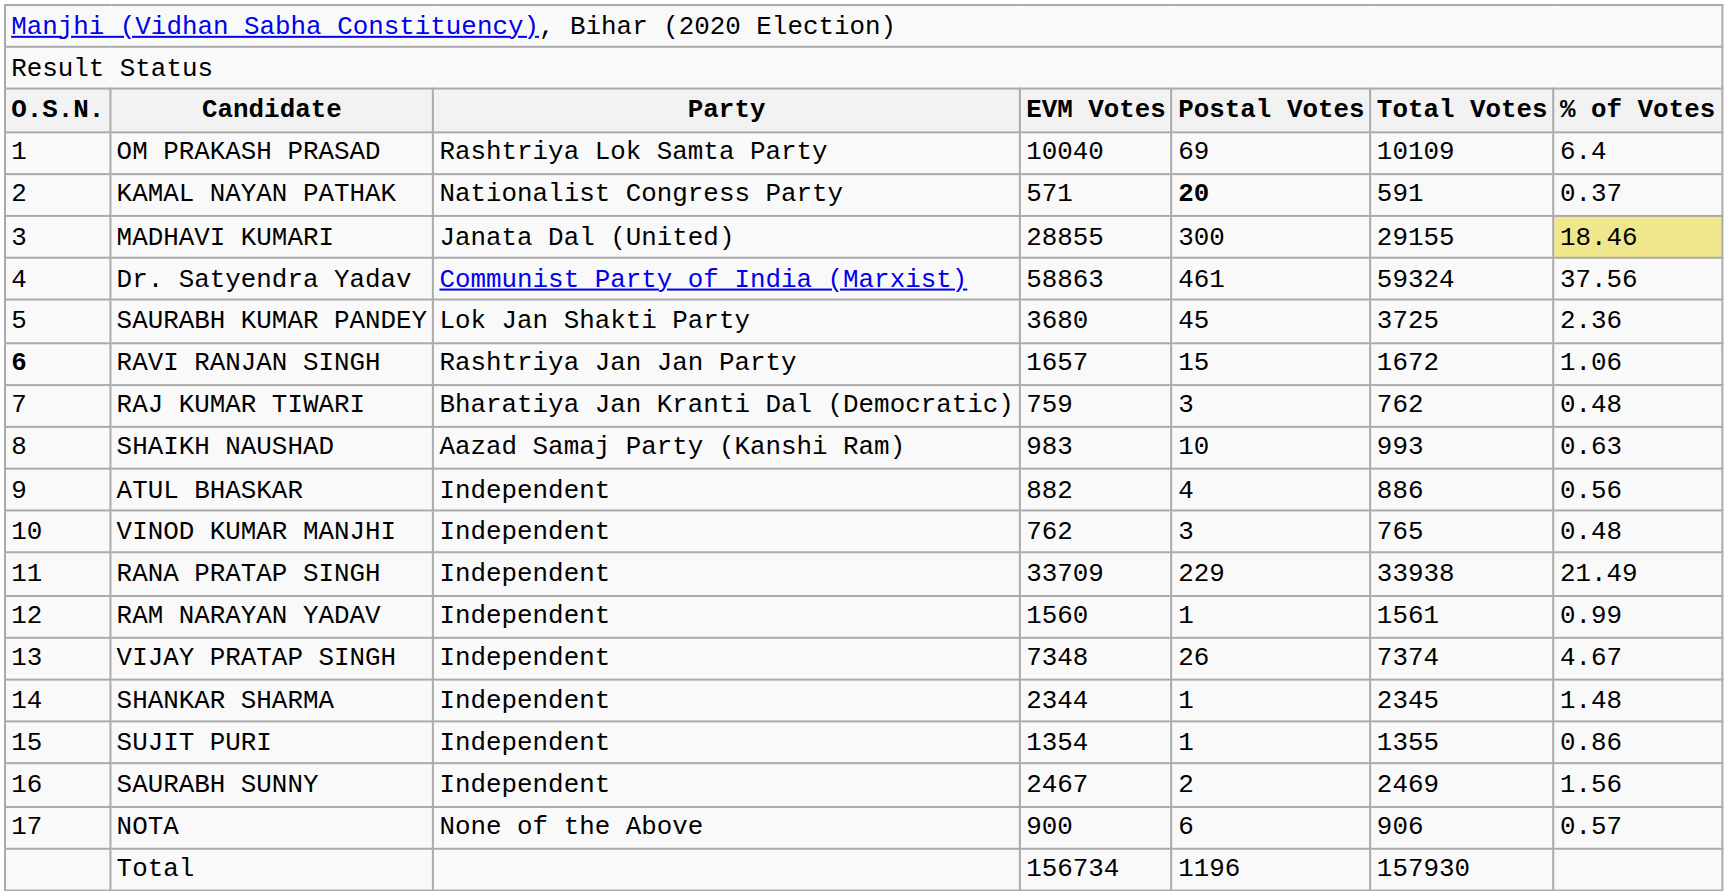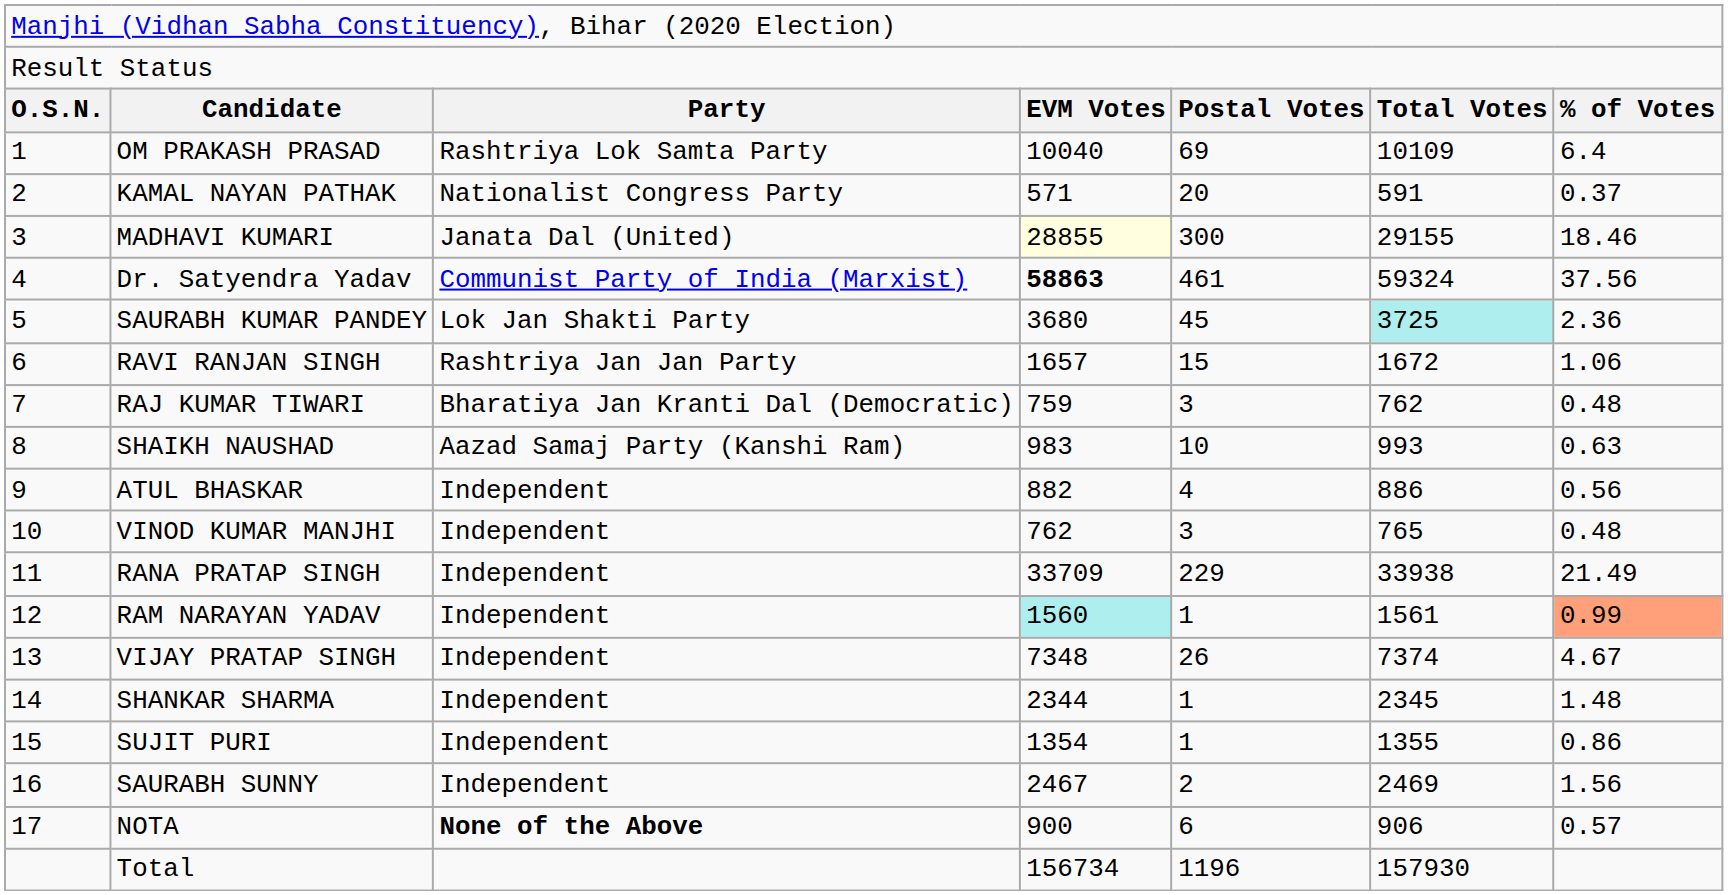 <table class="wikitable">
 <tr>
 <td colspan="9"><a href='#'>Manjhi (Vidhan Sabha Constituency)</a>, Bihar (2020 Election)</td>
 </tr>
 <tr>
 <td colspan="9">Result Status</td>
 </tr>
 <tr>
 <th>O.S.N.</th>
 <th>Candidate</th>
 <th>Party</th>
 <th>EVM Votes</th>
 <th>Postal Votes</th>
 <th>Total Votes</th>
 <th>% of Votes</th>
 </tr>
 <tr>
 <td>1</td>
 <td>OM PRAKASH PRASAD</td>
 <td>Rashtriya Lok Samta Party</td>
 <td>10040</td>
 <td>69</td>
 <td>10109</td>
 <td>6.4</td>
 </tr>
 <tr>
 <td>2</td>
 <td>KAMAL NAYAN PATHAK</td>
 <td>Nationalist Congress Party</td>
 <td>571</td>
-<td><strong>20</strong></td>
+<td>20</td>
 <td>591</td>
 <td>0.37</td>
 </tr>
 <tr>
 <td>3</td>
 <td>MADHAVI KUMARI</td>
 <td>Janata Dal (United)</td>
-<td>28855</td>
+<td style="background: lightyellow;">28855</td>
 <td>300</td>
 <td>29155</td>
-<td style="background: khaki;">18.46</td>
+<td>18.46</td>
 </tr>
 <tr>
 <td>4</td>
 <td>Dr. Satyendra Yadav</td>
 <td><a href='#'>Communist Party of India (Marxist)</a></td>
-<td>58863</td>
+<td><strong>58863</strong></td>
 <td>461</td>
 <td>59324</td>
 <td>37.56</td>
 </tr>
 <tr>
 <td>5</td>
 <td>SAURABH KUMAR PANDEY</td>
 <td>Lok Jan Shakti Party</td>
 <td>3680</td>
 <td>45</td>
-<td>3725</td>
+<td style="background: paleturquoise;">3725</td>
 <td>2.36</td>
 </tr>
 <tr>
-<td><strong>6</strong></td>
+<td>6</td>
 <td>RAVI RANJAN SINGH</td>
 <td>Rashtriya Jan Jan Party</td>
 <td>1657</td>
 <td>15</td>
 <td>1672</td>
 <td>1.06</td>
 </tr>
 <tr>
 <td>7</td>
 <td>RAJ KUMAR TIWARI</td>
 <td>Bharatiya Jan Kranti Dal (Democratic)</td>
 <td>759</td>
 <td>3</td>
 <td>762</td>
 <td>0.48</td>
 </tr>
 <tr>
 <td>8</td>
 <td>SHAIKH NAUSHAD</td>
 <td>Aazad Samaj Party (Kanshi Ram)</td>
 <td>983</td>
 <td>10</td>
 <td>993</td>
 <td>0.63</td>
 </tr>
 <tr>
 <td>9</td>
 <td>ATUL BHASKAR</td>
 <td>Independent</td>
 <td>882</td>
 <td>4</td>
 <td>886</td>
 <td>0.56</td>
 </tr>
 <tr>
 <td>10</td>
 <td>VINOD KUMAR MANJHI</td>
 <td>Independent</td>
 <td>762</td>
 <td>3</td>
 <td>765</td>
 <td>0.48</td>
 </tr>
 <tr>
 <td>11</td>
 <td>RANA PRATAP SINGH</td>
 <td>Independent</td>
 <td>33709</td>
 <td>229</td>
 <td>33938</td>
 <td>21.49</td>
 </tr>
 <tr>
 <td>12</td>
 <td>RAM NARAYAN YADAV</td>
 <td>Independent</td>
-<td>1560</td>
+<td style="background: paleturquoise;">1560</td>
 <td>1</td>
 <td>1561</td>
-<td>0.99</td>
+<td style="background: lightsalmon;">0.99</td>
 </tr>
 <tr>
 <td>13</td>
 <td>VIJAY PRATAP SINGH</td>
 <td>Independent</td>
 <td>7348</td>
 <td>26</td>
 <td>7374</td>
 <td>4.67</td>
 </tr>
 <tr>
 <td>14</td>
 <td>SHANKAR SHARMA</td>
 <td>Independent</td>
 <td>2344</td>
 <td>1</td>
 <td>2345</td>
 <td>1.48</td>
 </tr>
 <tr>
 <td>15</td>
 <td>SUJIT PURI</td>
 <td>Independent</td>
 <td>1354</td>
 <td>1</td>
 <td>1355</td>
 <td>0.86</td>
 </tr>
 <tr>
 <td>16</td>
 <td>SAURABH SUNNY</td>
 <td>Independent</td>
 <td>2467</td>
 <td>2</td>
 <td>2469</td>
 <td>1.56</td>
 </tr>
 <tr>
 <td>17</td>
 <td>NOTA</td>
-<td>None of the Above</td>
+<td><strong>None of the Above</strong></td>
 <td>900</td>
 <td>6</td>
 <td>906</td>
 <td>0.57</td>
 </tr>
 <tr>
 <td></td>
 <td>Total</td>
 <td></td>
 <td>156734</td>
 <td>1196</td>
 <td>157930</td>
 <td></td>
 </tr>
 </table>
